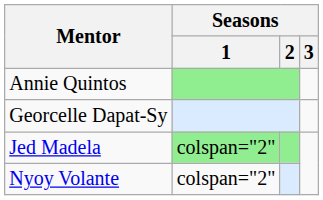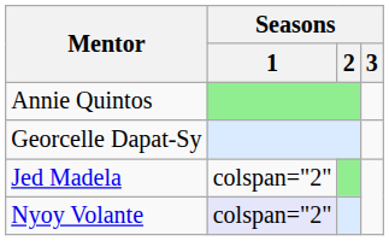 <table class="wikitable">
 <tr>
 <th rowspan="2">Mentor</th>
 <th colspan="3">Seasons</th>
 </tr>
 <tr>
 <th>1</th>
 <th>2</th>
 <th>3</th>
 </tr>
 <tr>
 <td>Annie Quintos</td>
 <td colspan="2" bgcolor="#90ee90"></td>
 <td></td>
 </tr>
 <tr>
 <td>Georcelle Dapat-Sy</td>
 <td colspan="2" bgcolor="#DAEBFF"></td>
 <td></td>
 </tr>
 <tr>
 <td><a href='#'>Jed Madela</a></td>
-<td style="background: lightgreen;">colspan="2" </td>
+<td>colspan="2" </td>
 <td bgcolor="#90ee90"></td>
 </tr>
 <tr>
 <td><a href='#'>Nyoy Volante</a></td>
-<td>colspan="2" </td>
+<td style="background: lavender;">colspan="2" </td>
 <td bgcolor="#DAEBFF"></td>
 </tr>
 </table>
